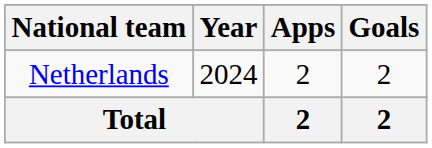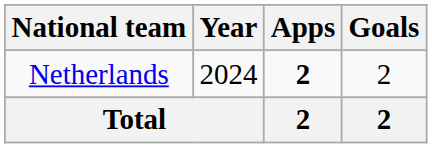 <table class="wikitable" style="text-align:center">
 <tr>
 <th>National team</th>
 <th>Year</th>
 <th>Apps</th>
 <th>Goals</th>
 </tr>
 <tr>
 <td rowspan="1"><a href='#'>Netherlands</a></td>
 <td>2024</td>
-<td>2</td>
+<td><strong>2</strong></td>
 <td>2</td>
 </tr>
 <tr>
 <th colspan="2">Total</th>
 <th>2</th>
 <th>2</th>
 </tr>
 </table>
